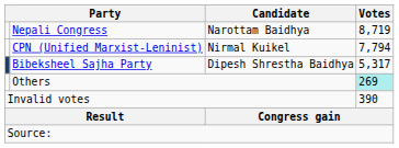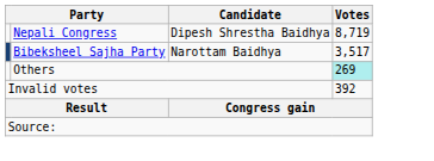 <table class="wikitable">
 <tr>
 <th colspan="2">Party</th>
 <th>Candidate</th>
 <th>Votes</th>
 </tr>
 <tr>
 <td style="background-color:"></td>
 <td><a href='#'>Nepali Congress</a></td>
-<td>Narottam Baidhya</td>
+<td>Dipesh Shrestha Baidhya</td>
 <td>8,719</td>
-</tr>
-<tr>
-<td style="background-color:"></td>
-<td><a href='#'>CPN (Unified Marxist-Leninist)</a></td>
-<td>Nirmal Kuikel</td>
-<td>7,794</td>
 </tr>
 <tr>
 <td style="background-color:#183F73"></td>
 <td><a href='#'>Bibeksheel Sajha Party</a></td>
-<td>Dipesh Shrestha Baidhya</td>
-<td>5,317</td>
+<td>Narottam Baidhya</td>
+<td>3,517</td>
 </tr>
 <tr>
 <td></td>
 <td colspan="2">Others</td>
 <td style="background: paleturquoise;">269</td>
 </tr>
 <tr>
 <td colspan="3">Invalid votes</td>
-<td>390</td>
+<td>392</td>
 </tr>
 <tr>
 <th colspan="2">Result</th>
 <th colspan="2">Congress gain</th>
 </tr>
 <tr>
 <td colspan="4">Source: </td>
 </tr>
 </table>
